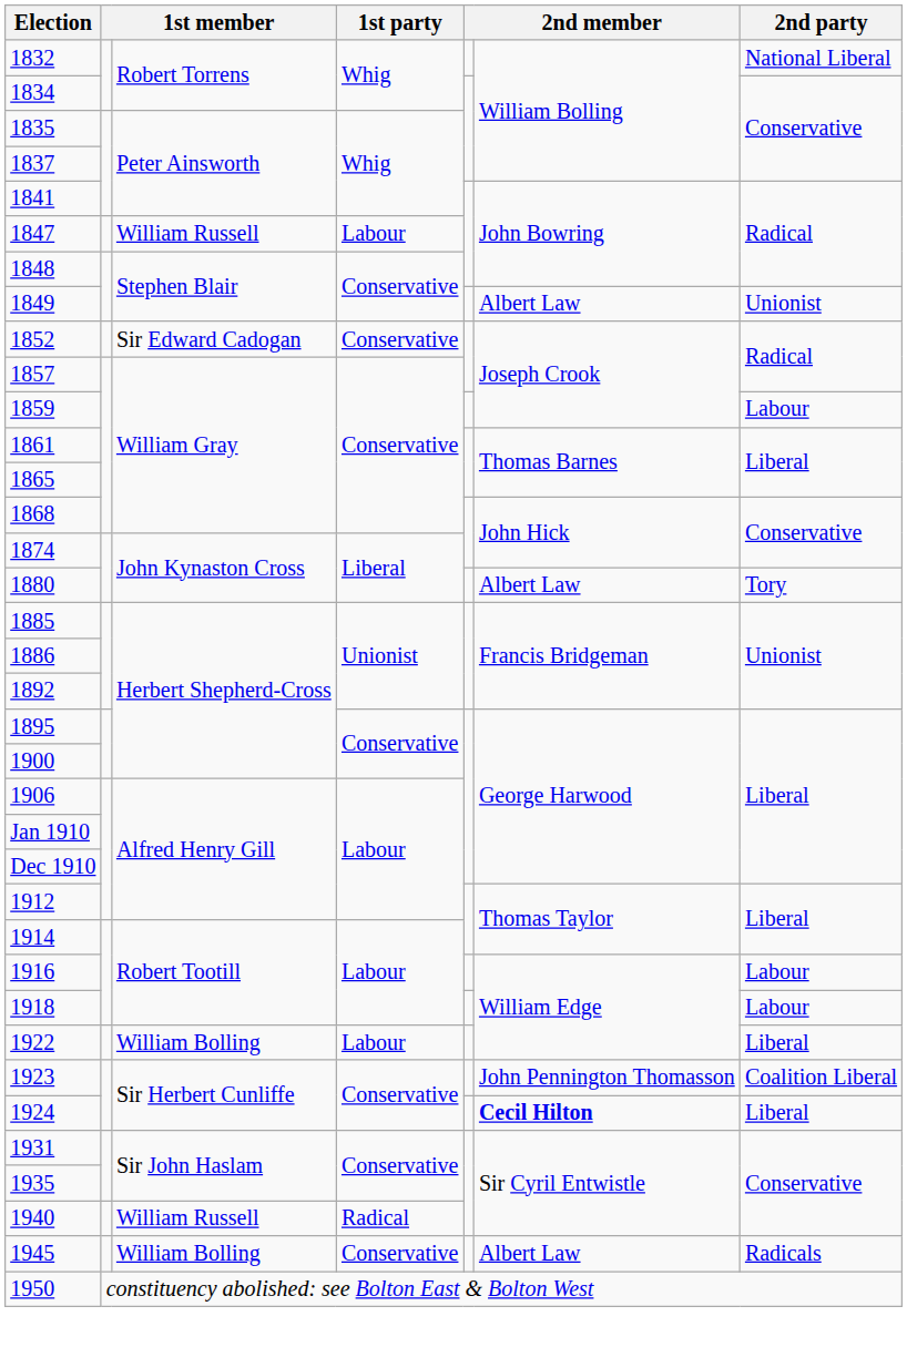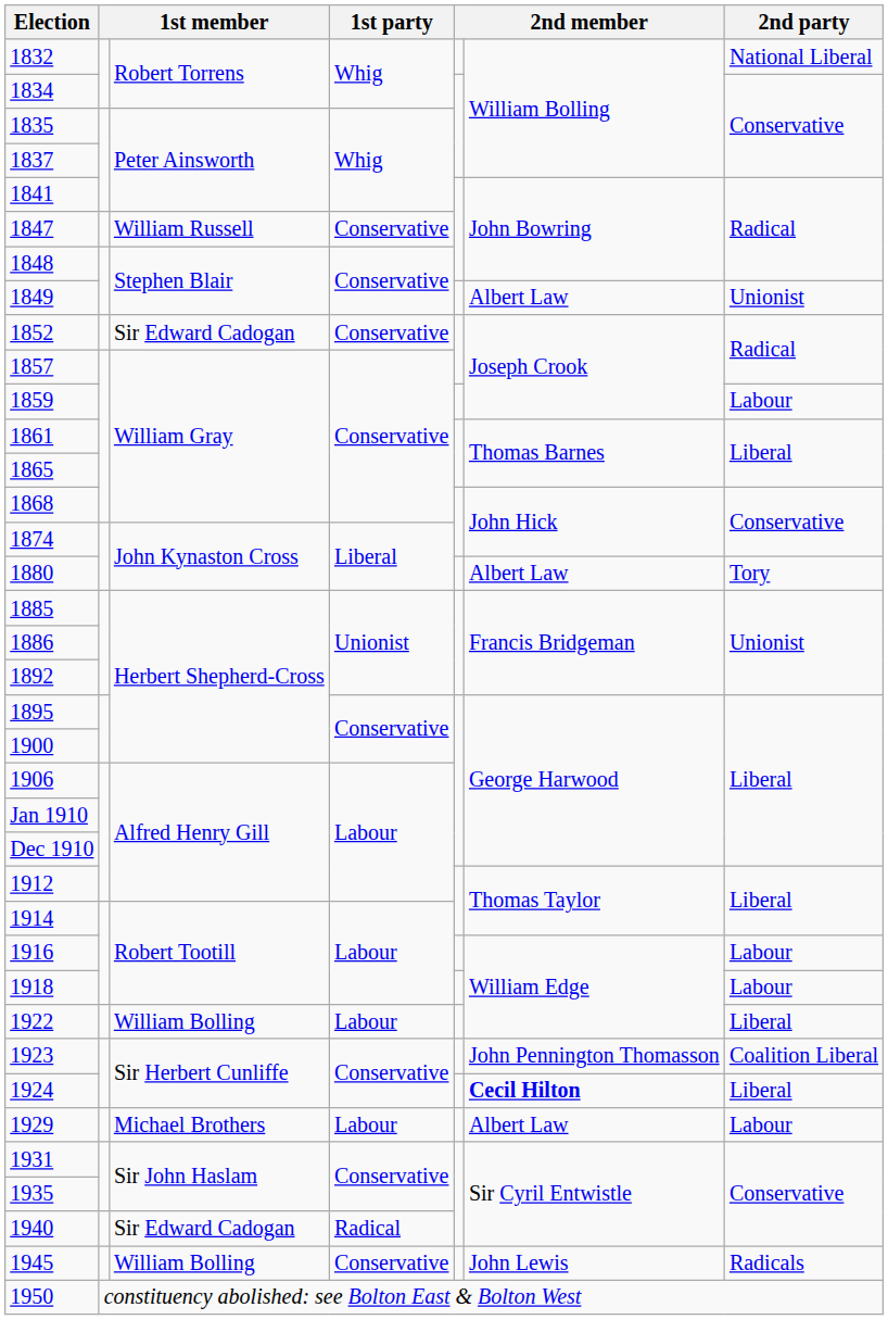 <table class="wikitable">
 <tr>
 <th>Election</th>
 <th colspan="2">1st member</th>
 <th>1st party</th>
 <th colspan="2">2nd member</th>
 <th>2nd party</th>
 </tr>
 <tr>
 <td><a href='#'>1832</a></td>
 <td rowspan="2" style="color:inherit;background-color: "></td>
 <td rowspan="2"><a href='#'>Robert Torrens</a></td>
 <td rowspan="2"><a href='#'>Whig</a></td>
 <td style="color:inherit;background-color: "></td>
 <td rowspan="4"><a href='#'>William Bolling</a></td>
 <td><a href='#'>National Liberal</a></td>
 </tr>
 <tr>
 <td><a href='#'>1834</a></td>
 <td rowspan="3" style="color:inherit;background-color: "></td>
 <td rowspan="3"><a href='#'>Conservative</a></td>
 </tr>
 <tr>
 <td><a href='#'>1835</a></td>
 <td rowspan="3" style="color:inherit;background-color: "></td>
 <td rowspan="3"><a href='#'>Peter Ainsworth</a></td>
 <td rowspan="3"><a href='#'>Whig</a></td>
 </tr>
 <tr>
 <td><a href='#'>1837</a></td>
 </tr>
 <tr>
 <td><a href='#'>1841</a></td>
 <td rowspan="3" style="color:inherit;background-color: "></td>
 <td rowspan="3"><a href='#'>John Bowring</a></td>
 <td rowspan="3"><a href='#'>Radical</a></td>
 </tr>
 <tr>
 <td><a href='#'>1847</a></td>
 <td style="color:inherit;background-color: "></td>
 <td><a href='#'>William Russell</a></td>
-<td><a href='#'>Labour</a></td>
+<td><a href='#'>Conservative</a></td>
 </tr>
 <tr>
 <td><a href='#'>1848</a></td>
 <td rowspan="2" style="color:inherit;background-color: "></td>
 <td rowspan="2"><a href='#'>Stephen Blair</a></td>
 <td rowspan="2"><a href='#'>Conservative</a></td>
 </tr>
 <tr>
 <td><a href='#'>1849</a></td>
 <td style="color:inherit;background-color: "></td>
 <td><a href='#'>Albert Law</a></td>
 <td><a href='#'>Unionist</a></td>
 </tr>
 <tr>
 <td><a href='#'>1852</a></td>
 <td style="color:inherit;background-color: "></td>
 <td>Sir <a href='#'>Edward Cadogan</a></td>
 <td><a href='#'>Conservative</a></td>
 <td rowspan="2" style="color:inherit;background-color: "></td>
 <td rowspan="3"><a href='#'>Joseph Crook</a></td>
 <td rowspan="2"><a href='#'>Radical</a></td>
 </tr>
 <tr>
 <td><a href='#'>1857</a></td>
 <td rowspan="5" style="color:inherit;background-color: "></td>
 <td rowspan="5"><a href='#'>William Gray</a></td>
 <td rowspan="5"><a href='#'>Conservative</a></td>
 </tr>
 <tr>
 <td><a href='#'>1859</a></td>
 <td style="color:inherit;background-color: "></td>
 <td><a href='#'>Labour</a></td>
 </tr>
 <tr>
 <td><a href='#'>1861</a></td>
 <td rowspan="2" style="color:inherit;background-color: "></td>
 <td rowspan="2"><a href='#'>Thomas Barnes</a></td>
 <td rowspan="2"><a href='#'>Liberal</a></td>
 </tr>
 <tr>
 <td><a href='#'>1865</a></td>
 </tr>
 <tr>
 <td><a href='#'>1868</a></td>
 <td rowspan="2" style="color:inherit;background-color: "></td>
 <td rowspan="2"><a href='#'>John Hick</a></td>
 <td rowspan="2"><a href='#'>Conservative</a></td>
 </tr>
 <tr>
 <td><a href='#'>1874</a></td>
 <td rowspan="2" style="color:inherit;background-color: "></td>
 <td rowspan="2"><a href='#'>John Kynaston Cross</a></td>
 <td rowspan="2"><a href='#'>Liberal</a></td>
 </tr>
 <tr>
 <td><a href='#'>1880</a></td>
 <td style="color:inherit;background-color: "></td>
 <td><a href='#'>Albert Law</a></td>
 <td><a href='#'>Tory</a></td>
 </tr>
 <tr>
 <td><a href='#'>1885</a></td>
 <td rowspan="3" style="color:inherit;background-color: "></td>
 <td rowspan="5"><a href='#'>Herbert Shepherd-Cross</a></td>
 <td rowspan="3"><a href='#'>Unionist</a></td>
 <td rowspan="3" style="color:inherit;background-color: "></td>
 <td rowspan="3"><a href='#'>Francis Bridgeman</a></td>
 <td rowspan="3"><a href='#'>Unionist</a></td>
 </tr>
 <tr>
 <td><a href='#'>1886</a></td>
 </tr>
 <tr>
 <td><a href='#'>1892</a></td>
 </tr>
 <tr>
 <td><a href='#'>1895</a></td>
 <td rowspan="2" style="color:inherit;background-color: "></td>
 <td rowspan="2"><a href='#'>Conservative</a></td>
 <td rowspan="5" style="color:inherit;background-color: "></td>
 <td rowspan="5"><a href='#'>George Harwood</a></td>
 <td rowspan="5"><a href='#'>Liberal</a></td>
 </tr>
 <tr>
 <td><a href='#'>1900</a></td>
 </tr>
 <tr>
 <td><a href='#'>1906</a></td>
 <td rowspan="4" style="color:inherit;background-color: "></td>
 <td rowspan="4"><a href='#'>Alfred Henry Gill</a></td>
 <td rowspan="4"><a href='#'>Labour</a></td>
 </tr>
 <tr>
 <td><a href='#'>Jan 1910</a></td>
 </tr>
 <tr>
 <td><a href='#'>Dec 1910</a></td>
 </tr>
 <tr>
 <td><a href='#'>1912</a></td>
 <td rowspan="2" style="color:inherit;background-color: "></td>
 <td rowspan="2"><a href='#'>Thomas Taylor</a></td>
 <td rowspan="2"><a href='#'>Liberal</a></td>
 </tr>
 <tr>
 <td><a href='#'>1914</a></td>
 <td rowspan="3" style="color:inherit;background-color: "></td>
 <td rowspan="3"><a href='#'>Robert Tootill</a></td>
 <td rowspan="3"><a href='#'>Labour</a></td>
 </tr>
 <tr>
 <td><a href='#'>1916</a></td>
 <td style="color:inherit;background-color: "></td>
 <td rowspan="3"><a href='#'>William Edge</a></td>
 <td><a href='#'>Labour</a></td>
 </tr>
 <tr>
 <td><a href='#'>1918</a></td>
 <td style="color:inherit;background-color: "></td>
 <td><a href='#'>Labour</a></td>
 </tr>
 <tr>
 <td><a href='#'>1922</a></td>
 <td style="color:inherit;background-color: "></td>
 <td><a href='#'>William Bolling</a></td>
 <td><a href='#'>Labour</a></td>
 <td style="color:inherit;background-color: "></td>
 <td><a href='#'>Liberal</a></td>
 </tr>
 <tr>
 <td><a href='#'>1923</a></td>
 <td rowspan="2" style="color:inherit;background-color: "></td>
 <td rowspan="2">Sir <a href='#'>Herbert Cunliffe</a></td>
 <td rowspan="2"><a href='#'>Conservative</a></td>
 <td style="color:inherit;background-color: "></td>
 <td><a href='#'>John Pennington Thomasson</a></td>
 <td><a href='#'>Coalition Liberal</a></td>
 </tr>
 <tr>
 <td><a href='#'>1924</a></td>
 <td style="color:inherit;background-color: "></td>
 <td><strong><a href='#'>Cecil Hilton</a></strong></td>
 <td><a href='#'>Liberal</a></td>
 </tr>
 <tr>
+<td><a href='#'>1929</a></td>
+<td style="color:inherit;background-color: "></td>
+<td><a href='#'>Michael Brothers</a></td>
+<td><a href='#'>Labour</a></td>
+<td style="color:inherit;background-color: "></td>
+<td><a href='#'>Albert Law</a></td>
+<td><a href='#'>Labour</a></td>
+</tr>
+<tr>
 <td><a href='#'>1931</a></td>
 <td rowspan="2" style="color:inherit;background-color: "></td>
 <td rowspan="2">Sir <a href='#'>John Haslam</a></td>
 <td rowspan="2"><a href='#'>Conservative</a></td>
 <td rowspan="3" style="color:inherit;background-color: "></td>
 <td rowspan="3">Sir <a href='#'>Cyril Entwistle</a></td>
 <td rowspan="3"><a href='#'>Conservative</a></td>
 </tr>
 <tr>
 <td><a href='#'>1935</a></td>
 </tr>
 <tr>
 <td><a href='#'>1940</a></td>
 <td style="color:inherit;background-color: "></td>
-<td><a href='#'>William Russell</a></td>
+<td>Sir <a href='#'>Edward Cadogan</a></td>
 <td><a href='#'>Radical</a></td>
 </tr>
 <tr>
 <td><a href='#'>1945</a></td>
 <td style="color:inherit;background-color: "></td>
 <td><a href='#'>William Bolling</a></td>
 <td><a href='#'>Conservative</a></td>
 <td style="color:inherit;background-color: "></td>
-<td><a href='#'>Albert Law</a></td>
+<td><a href='#'>John Lewis</a></td>
 <td><a href='#'>Radicals</a></td>
 </tr>
 <tr>
 <td><a href='#'>1950</a></td>
 <td colspan="6"><em>constituency abolished: see <a href='#'>Bolton East</a> & <a href='#'>Bolton West</a></em></td>
 </tr>
 </table>
